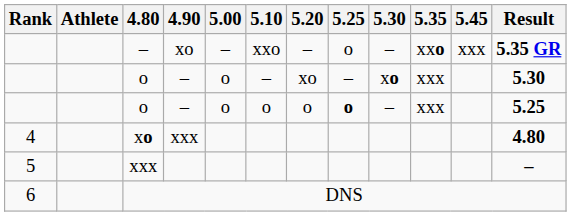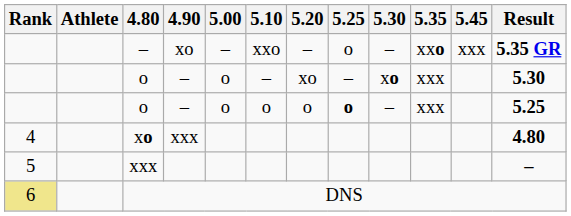 <table class="wikitable sortable" style="text-align:center">
 <tr>
 <th>Rank</th>
 <th>Athlete</th>
 <th>4.80</th>
 <th>4.90</th>
 <th>5.00</th>
 <th>5.10</th>
 <th>5.20</th>
 <th>5.25</th>
 <th>5.30</th>
 <th>5.35</th>
 <th>5.45</th>
 <th>Result</th>
 </tr>
 <tr>
 <td></td>
 <td align=left></td>
 <td>–</td>
 <td>xo</td>
 <td>–</td>
 <td>xxo</td>
 <td>–</td>
 <td>o</td>
 <td>–</td>
 <td>xx<strong>o</strong></td>
 <td>xxx</td>
 <td><strong>5.35</strong> <strong><a href='#'>GR</a></strong></td>
 </tr>
 <tr>
 <td></td>
 <td align=left></td>
 <td>o</td>
 <td>–</td>
 <td>o</td>
 <td>–</td>
 <td>xo</td>
 <td>–</td>
 <td>x<strong>o</strong></td>
 <td>xxx</td>
 <td></td>
 <td><strong>5.30</strong></td>
 </tr>
 <tr>
 <td></td>
 <td align=left></td>
 <td>o</td>
 <td>–</td>
 <td>o</td>
 <td>o</td>
 <td>o</td>
 <td><strong>o</strong></td>
 <td>–</td>
 <td>xxx</td>
 <td></td>
 <td><strong>5.25</strong></td>
 </tr>
 <tr>
 <td>4</td>
 <td align=left></td>
 <td>x<strong>o</strong></td>
 <td>xxx</td>
 <td></td>
 <td></td>
 <td></td>
 <td></td>
 <td></td>
 <td></td>
 <td></td>
 <td><strong>4.80</strong></td>
 </tr>
 <tr>
 <td>5</td>
 <td align=left></td>
 <td>xxx</td>
 <td></td>
 <td></td>
 <td></td>
 <td></td>
 <td></td>
 <td></td>
 <td></td>
 <td></td>
 <td><strong>–</strong></td>
 </tr>
 <tr>
-<td>6</td>
+<td style="background: khaki;">6</td>
 <td align=left></td>
 <td colspan="10">DNS</td>
 </tr>
 </table>
